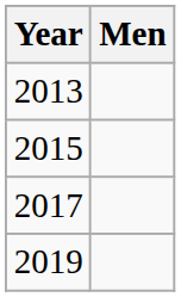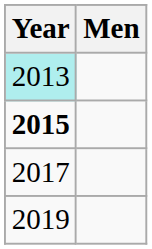 <table class="wikitable" style="font-size:95%;">
 <tr>
 <th>Year</th>
 <th>Men</th>
 </tr>
 <tr>
-<td>2013</td>
+<td style="background: paleturquoise;">2013</td>
 <td></td>
 </tr>
 <tr>
-<td>2015</td>
+<td><strong>2015</strong></td>
 <td></td>
 </tr>
 <tr>
 <td>2017</td>
 <td></td>
 </tr>
 <tr>
 <td>2019</td>
 <td></td>
 </tr>
 </table>
